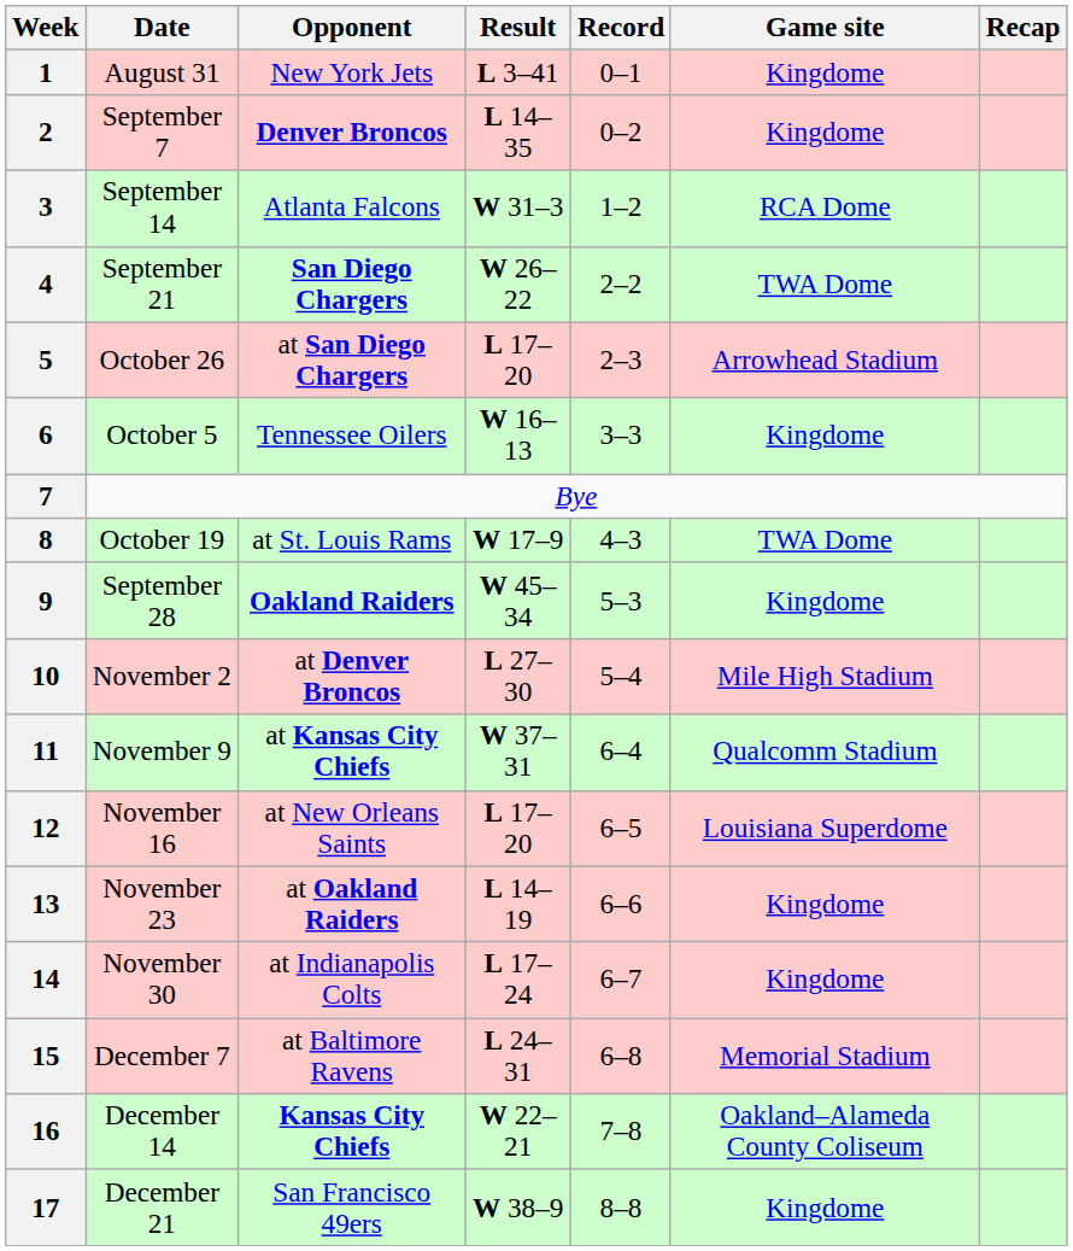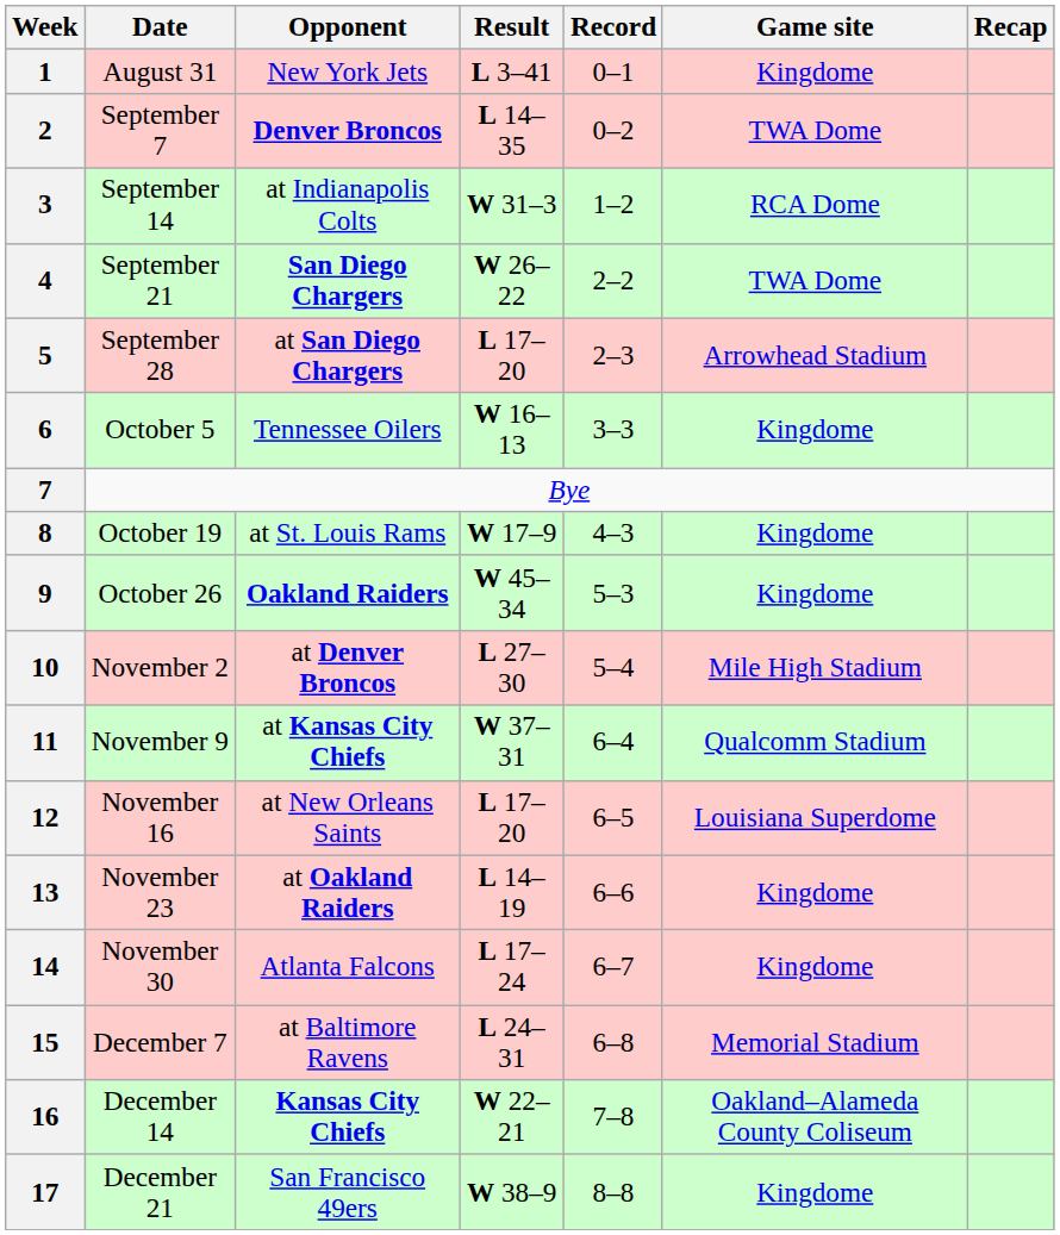 <table class="wikitable" style="text-align:center">
 <tr>
 <th>Week</th>
 <th>Date</th>
 <th>Opponent</th>
 <th>Result</th>
 <th>Record</th>
 <th>Game site</th>
 <th>Recap</th>
 </tr>
 <tr style="background:#fcc">
 <th>1</th>
 <td>August 31</td>
 <td><a href='#'>New York Jets</a></td>
 <td><strong>L</strong> 3–41</td>
 <td>0–1</td>
 <td><a href='#'>Kingdome</a></td>
 <td></td>
 </tr>
 <tr style="background:#fcc">
 <th>2</th>
 <td>September 7</td>
 <td><strong><a href='#'>Denver Broncos</a></strong></td>
 <td><strong>L</strong> 14–35</td>
 <td>0–2</td>
-<td><a href='#'>Kingdome</a></td>
+<td><a href='#'>TWA Dome</a></td>
 <td></td>
 </tr>
 <tr style="background:#cfc">
 <th>3</th>
 <td>September 14</td>
-<td><a href='#'>Atlanta Falcons</a></td>
+<td>at <a href='#'>Indianapolis Colts</a></td>
 <td><strong>W</strong> 31–3</td>
 <td>1–2</td>
 <td><a href='#'>RCA Dome</a></td>
 <td></td>
 </tr>
 <tr style="background:#cfc">
 <th>4</th>
 <td>September 21</td>
 <td><strong><a href='#'>San Diego Chargers</a></strong></td>
 <td><strong>W</strong> 26–22</td>
 <td>2–2</td>
 <td><a href='#'>TWA Dome</a></td>
 <td></td>
 </tr>
 <tr style="background:#fcc">
 <th>5</th>
-<td>October 26</td>
+<td>September 28</td>
 <td>at <strong><a href='#'>San Diego Chargers</a></strong></td>
 <td><strong>L</strong> 17–20 </td>
 <td>2–3</td>
 <td><a href='#'>Arrowhead Stadium</a></td>
 <td></td>
 </tr>
 <tr style="background:#cfc">
 <th>6</th>
 <td>October 5</td>
 <td><a href='#'>Tennessee Oilers</a></td>
 <td><strong>W</strong> 16–13</td>
 <td>3–3</td>
 <td><a href='#'>Kingdome</a></td>
 <td></td>
 </tr>
 <tr>
 <th>7</th>
 <td colspan="6"><em><a href='#'>Bye</a></em></td>
 </tr>
 <tr style="background:#cfc">
 <th>8</th>
 <td>October 19</td>
 <td>at <a href='#'>St. Louis Rams</a></td>
 <td><strong>W</strong> 17–9</td>
 <td>4–3</td>
-<td><a href='#'>TWA Dome</a></td>
+<td><a href='#'>Kingdome</a></td>
 <td></td>
 </tr>
 <tr style="background:#cfc">
 <th>9</th>
-<td>September 28</td>
+<td>October 26</td>
 <td><strong><a href='#'>Oakland Raiders</a></strong></td>
 <td><strong>W</strong> 45–34</td>
 <td>5–3</td>
 <td><a href='#'>Kingdome</a></td>
 <td></td>
 </tr>
 <tr style="background:#fcc">
 <th>10</th>
 <td>November 2</td>
 <td>at <strong><a href='#'>Denver Broncos</a></strong></td>
 <td><strong>L</strong> 27–30</td>
 <td>5–4</td>
 <td><a href='#'>Mile High Stadium</a></td>
 <td></td>
 </tr>
 <tr style="background:#cfc">
 <th>11</th>
 <td>November 9</td>
 <td>at <strong><a href='#'>Kansas City Chiefs</a></strong></td>
 <td><strong>W</strong> 37–31</td>
 <td>6–4</td>
 <td><a href='#'>Qualcomm Stadium</a></td>
 <td></td>
 </tr>
 <tr style="background:#fcc">
 <th>12</th>
 <td>November 16</td>
 <td>at <a href='#'>New Orleans Saints</a></td>
 <td><strong>L</strong> 17–20 </td>
 <td>6–5</td>
 <td><a href='#'>Louisiana Superdome</a></td>
 <td></td>
 </tr>
 <tr style="background:#fcc">
 <th>13</th>
 <td>November 23</td>
 <td>at <strong><a href='#'>Oakland Raiders</a></strong></td>
 <td><strong>L</strong> 14–19</td>
 <td>6–6</td>
 <td><a href='#'>Kingdome</a></td>
 <td></td>
 </tr>
 <tr style="background:#fcc">
 <th>14</th>
 <td>November 30</td>
-<td>at <a href='#'>Indianapolis Colts</a></td>
+<td><a href='#'>Atlanta Falcons</a></td>
 <td><strong>L</strong> 17–24</td>
 <td>6–7</td>
 <td><a href='#'>Kingdome</a></td>
 <td></td>
 </tr>
 <tr style="background:#fcc">
 <th>15</th>
 <td>December 7</td>
 <td>at <a href='#'>Baltimore Ravens</a></td>
 <td><strong>L</strong> 24–31</td>
 <td>6–8</td>
 <td><a href='#'>Memorial Stadium</a></td>
 <td></td>
 </tr>
 <tr style="background:#cfc">
 <th>16</th>
 <td>December 14</td>
 <td><strong><a href='#'>Kansas City Chiefs</a></strong></td>
 <td><strong>W</strong> 22–21</td>
 <td>7–8</td>
 <td><a href='#'>Oakland–Alameda County Coliseum</a></td>
 <td></td>
 </tr>
 <tr style="background:#cfc">
 <th>17</th>
 <td>December 21</td>
 <td><a href='#'>San Francisco 49ers</a></td>
 <td><strong>W</strong> 38–9</td>
 <td>8–8</td>
 <td><a href='#'>Kingdome</a></td>
 <td></td>
 </tr>
 </table>
